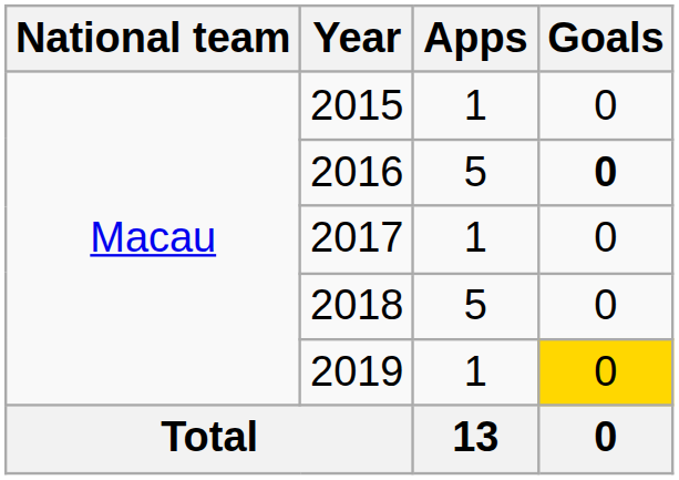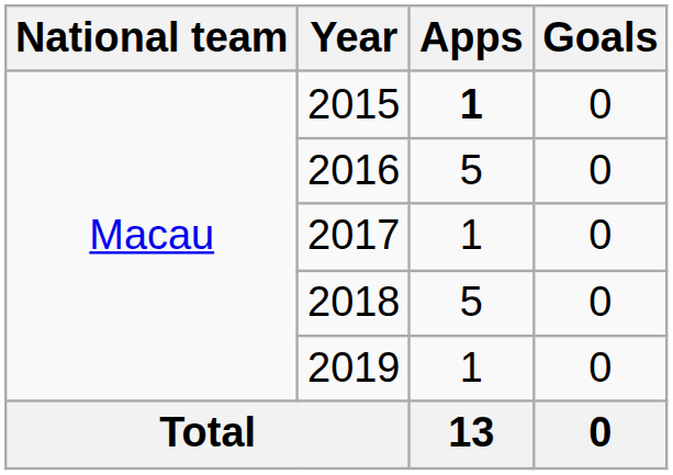 <table class="wikitable" style="text-align:center">
 <tr>
 <th>National team</th>
 <th>Year</th>
 <th>Apps</th>
 <th>Goals</th>
 </tr>
 <tr>
 <td rowspan="5"><a href='#'>Macau</a></td>
 <td>2015</td>
-<td>1</td>
+<td><strong>1</strong></td>
 <td>0</td>
 </tr>
 <tr>
 <td>2016</td>
 <td>5</td>
-<td><strong>0</strong></td>
+<td>0</td>
 </tr>
 <tr>
 <td>2017</td>
 <td>1</td>
 <td>0</td>
 </tr>
 <tr>
 <td>2018</td>
 <td>5</td>
 <td>0</td>
 </tr>
 <tr>
 <td>2019</td>
 <td>1</td>
-<td style="background: gold;">0</td>
+<td>0</td>
 </tr>
 <tr>
 <th colspan=2>Total</th>
 <th>13</th>
 <th>0</th>
 </tr>
 </table>
